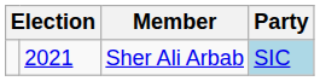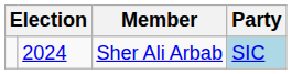 <table class="wikitable">
 <tr>
 <th colspan="2">Election</th>
 <th>Member</th>
 <th>Party</th>
 </tr>
 <tr>
 <td style="background-color: "></td>
-<td><a href='#'>2021</a></td>
+<td><a href='#'>2024</a></td>
 <td><a href='#'>Sher Ali Arbab</a></td>
 <td style="background: lightblue;"><a href='#'>SIC</a></td>
 </tr>
 </table>
